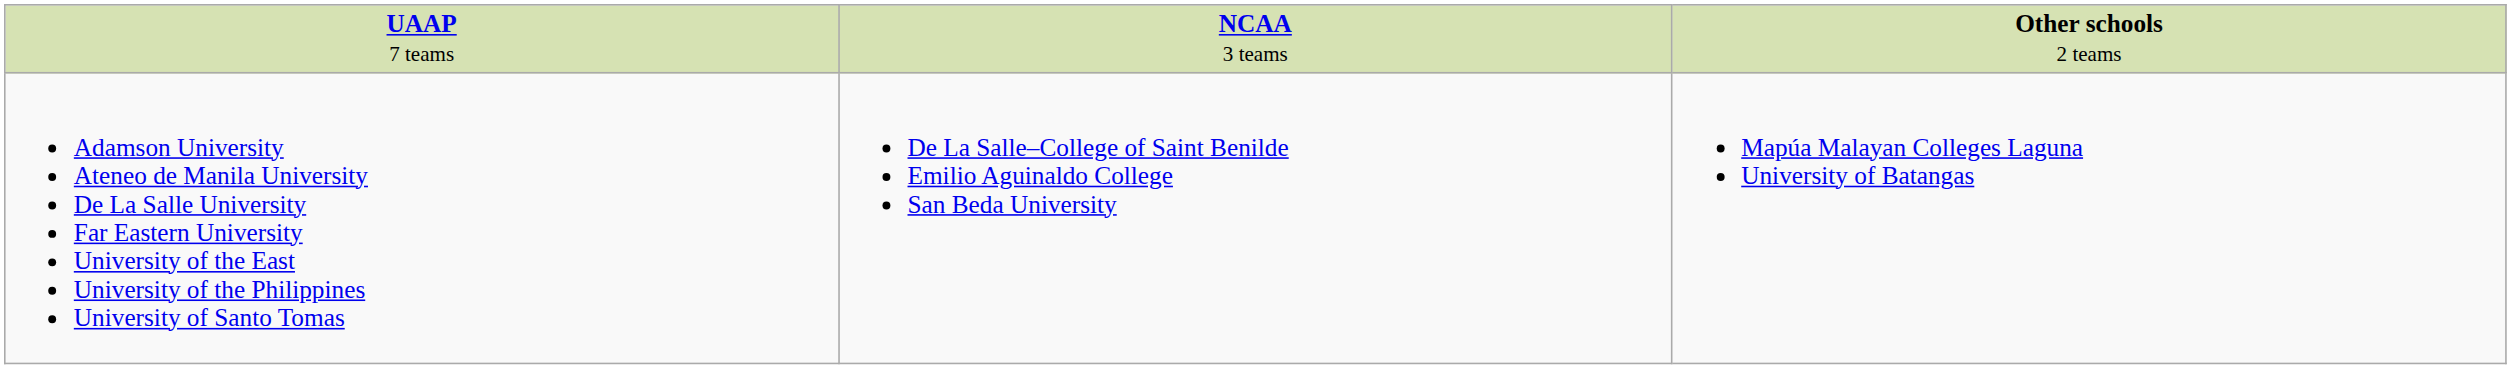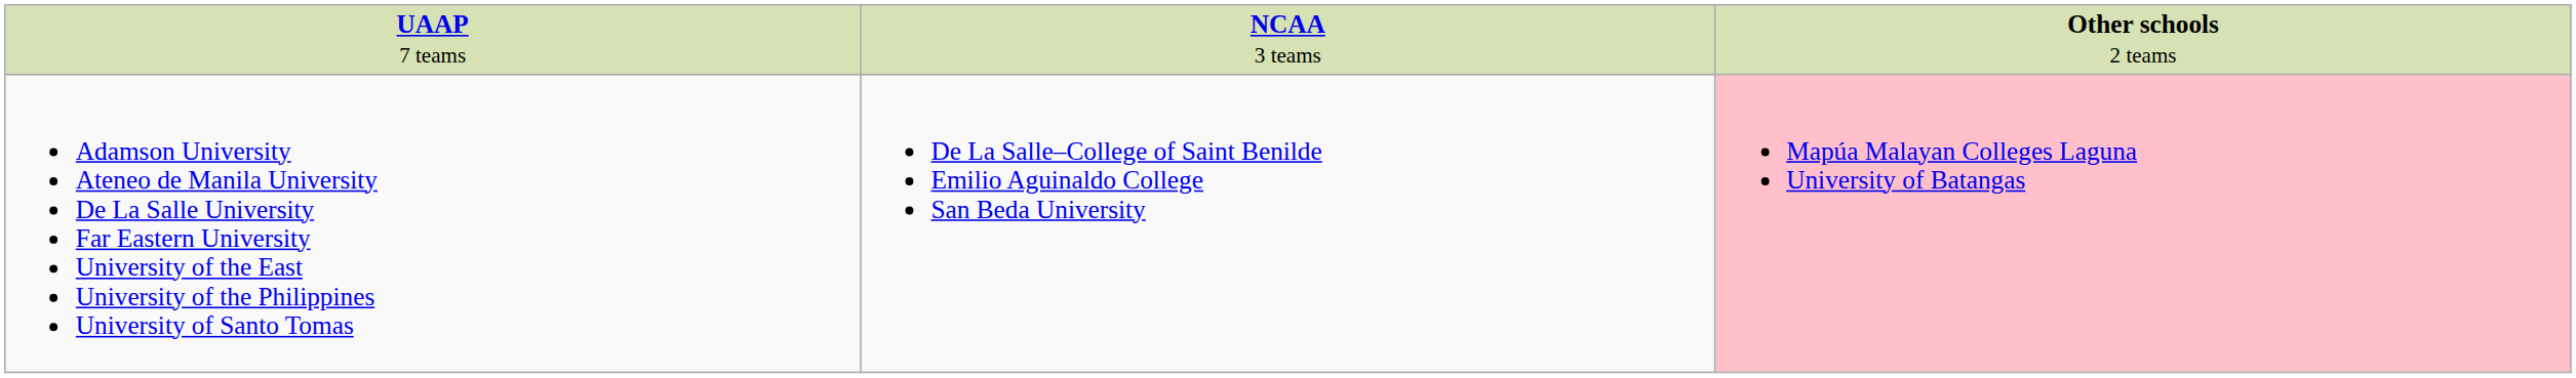 <table class="wikitable" width=100%>
 <tr style="background-color:#d6e2b3; text-align:center; vertical-align:top">
 <td width=20%><strong><a href='#'>UAAP</a></strong><br><small>7 teams</small></td>
 <td width=20%><strong><a href='#'>NCAA</a></strong><br><small>3 teams</small></td>
 <td width=20%><strong>Other schools</strong><br><small>2 teams</small></td>
 </tr>
 <tr style="vertical-align:top">
 <td><br><ul><li><a href='#'>Adamson University</a></li><li><a href='#'>Ateneo de Manila University</a></li><li><a href='#'>De La Salle University</a></li><li><a href='#'>Far Eastern University</a></li><li><a href='#'>University of the East</a></li><li><a href='#'>University of the Philippines</a></li><li><a href='#'>University of Santo Tomas</a></li></ul></td>
 <td><br><ul><li><a href='#'>De La Salle–College of Saint Benilde</a></li><li><a href='#'>Emilio Aguinaldo College</a></li><li><a href='#'>San Beda University</a></li></ul></td>
-<td><br><ul><li><a href='#'>Mapúa Malayan Colleges Laguna</a></li><li><a href='#'>University of Batangas</a></li></ul></td>
+<td style="background: pink;"><br><ul><li><a href='#'>Mapúa Malayan Colleges Laguna</a></li><li><a href='#'>University of Batangas</a></li></ul></td>
 </tr>
 </table>
